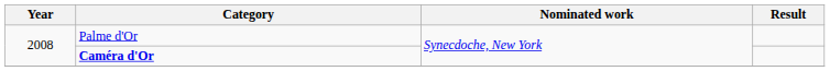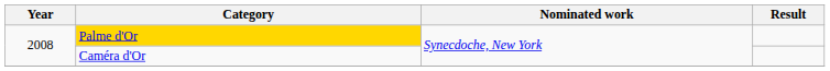 <table class=wikitable>
 <tr>
 <th scope="col" style="width:5em;">Year</th>
 <th scope="col" style="width:26em;">Category</th>
 <th scope="col" style="width:25em;">Nominated work</th>
 <th scope="col" style="width:5em;">Result</th>
 </tr>
 <tr>
 <td style="text-align:center;", rowspan=2>2008</td>
-<td><a href='#'>Palme d'Or</a></td>
+<td style="background: gold;"><a href='#'>Palme d'Or</a></td>
 <td rowspan=2><em><a href='#'>Synecdoche, New York</a></em></td>
 <td></td>
 </tr>
 <tr>
-<td><strong><a href='#'>Caméra d'Or</a></strong></td>
+<td><a href='#'>Caméra d'Or</a></td>
 <td></td>
 </tr>
 <tr>
 </tr>
 </table>
